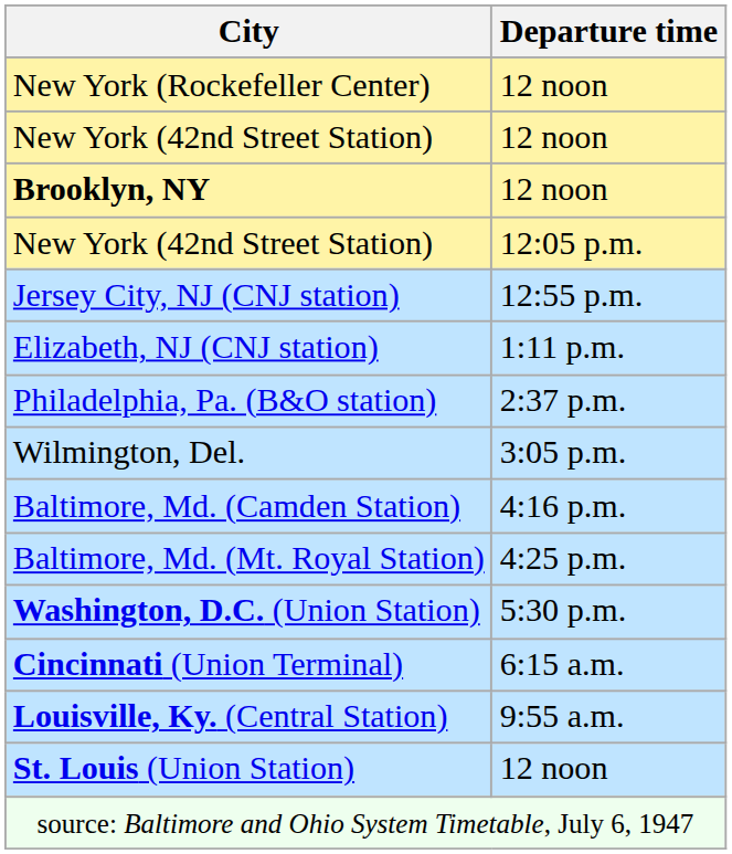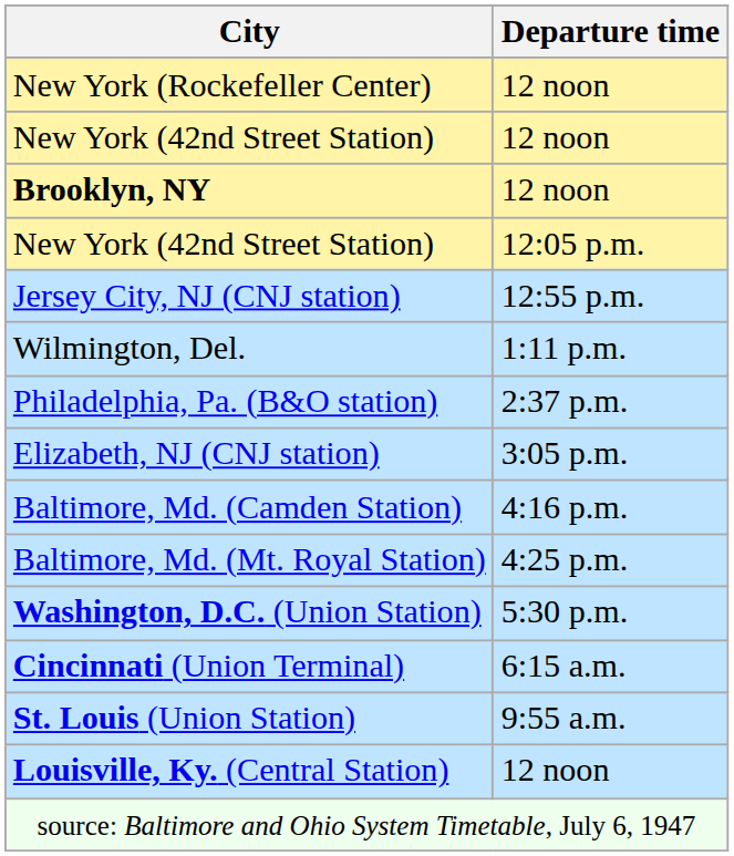 <table class="wikitable floatright">
 <tr>
 <th>City</th>
 <th>Departure time</th>
 </tr>
 <tr style="background-color:#FFF4A7">
 <td>New York (Rockefeller Center)</td>
 <td>12 noon</td>
 </tr>
 <tr style="background-color:#FFF4A7">
 <td>New York (42nd Street Station)</td>
 <td>12 noon</td>
 </tr>
 <tr style="background-color:#FFF4A7">
 <td><strong>Brooklyn, NY</strong></td>
 <td>12 noon</td>
 </tr>
 <tr style="background-color:#FFF4A7">
 <td>New York (42nd Street Station)</td>
 <td>12:05 p.m.</td>
 </tr>
 <tr style="background-color:#BFE4FF">
 <td><a href='#'>Jersey City, NJ (CNJ station)</a></td>
 <td>12:55 p.m.</td>
 </tr>
 <tr style="background-color:#BFE4FF">
-<td><a href='#'>Elizabeth, NJ (CNJ station)</a></td>
+<td>Wilmington, Del.</td>
 <td>1:11 p.m.</td>
 </tr>
 <tr style="background-color:#BFE4FF">
 <td><a href='#'>Philadelphia, Pa. (B&O station)</a></td>
 <td>2:37 p.m.</td>
 </tr>
 <tr style="background-color:#BFE4FF">
-<td>Wilmington, Del.</td>
+<td><a href='#'>Elizabeth, NJ (CNJ station)</a></td>
 <td>3:05 p.m.</td>
 </tr>
 <tr style="background-color:#BFE4FF">
 <td><a href='#'>Baltimore, Md. (Camden Station)</a></td>
 <td>4:16 p.m.</td>
 </tr>
 <tr style="background-color:#BFE4FF">
 <td><a href='#'>Baltimore, Md. (Mt. Royal Station)</a></td>
 <td>4:25 p.m.</td>
 </tr>
 <tr style="background-color:#BFE4FF">
 <td><a href='#'><strong>Washington, D.C.</strong> (Union Station)</a></td>
 <td>5:30 p.m.</td>
 </tr>
 <tr style="background-color:#BFE4FF">
 <td><a href='#'><strong>Cincinnati</strong> (Union Terminal)</a></td>
 <td>6:15 a.m.</td>
 </tr>
 <tr style="background-color:#BFE4FF">
-<td><a href='#'><strong>Louisville, Ky.</strong> (Central Station)</a></td>
+<td><a href='#'><strong>St. Louis</strong> (Union Station)</a></td>
 <td>9:55 a.m.</td>
 </tr>
 <tr style="background-color:#BFE4FF">
-<td><a href='#'><strong>St. Louis</strong> (Union Station)</a></td>
+<td><a href='#'><strong>Louisville, Ky.</strong> (Central Station)</a></td>
 <td>12 noon</td>
 </tr>
 <tr align="center" bgcolor=#eeffee>
 <td colspan="2"><small>source: <em>Baltimore and Ohio System Timetable</em>, July 6, 1947</small></td>
 </tr>
 </table>
